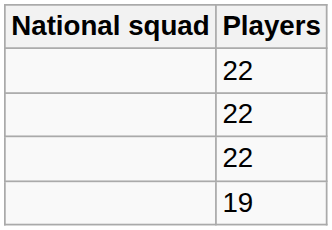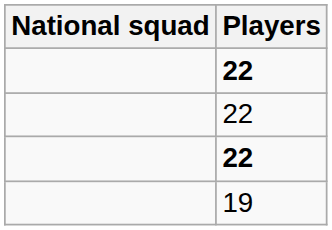 <table class="wikitable sortable">
 <tr>
 <th>National squad</th>
 <th>Players</th>
 </tr>
 <tr>
 <td></td>
-<td>22</td>
+<td><strong>22</strong></td>
 </tr>
 <tr>
 <td></td>
 <td>22</td>
 </tr>
 <tr>
 <td></td>
-<td>22</td>
+<td><strong>22</strong></td>
 </tr>
 <tr>
 <td></td>
 <td>19</td>
 </tr>
 </table>
